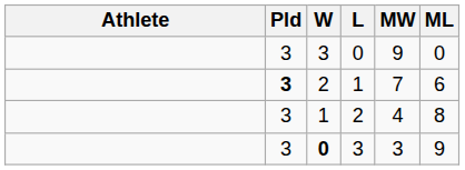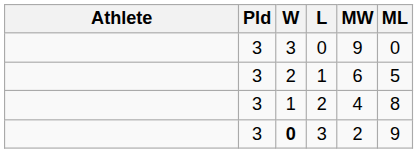 <table class="wikitable" style="text-align:center">
 <tr>
 <th width=200>Athlete</th>
 <th width=20>Pld</th>
 <th width=20>W</th>
 <th width=20>L</th>
 <th width=20>MW</th>
 <th width=20>ML</th>
 </tr>
 <tr>
 <td style="text-align:left"></td>
 <td>3</td>
 <td>3</td>
 <td>0</td>
 <td>9</td>
 <td>0</td>
 </tr>
 <tr>
 <td style="text-align:left"></td>
-<td><strong>3</strong></td>
+<td>3</td>
 <td>2</td>
 <td>1</td>
-<td>7</td>
 <td>6</td>
+<td>5</td>
 </tr>
 <tr>
 <td style="text-align:left"></td>
 <td>3</td>
 <td>1</td>
 <td>2</td>
 <td>4</td>
 <td>8</td>
 </tr>
 <tr>
 <td style="text-align:left"></td>
 <td>3</td>
 <td><strong>0</strong></td>
 <td>3</td>
-<td>3</td>
+<td>2</td>
 <td>9</td>
 </tr>
 </table>
